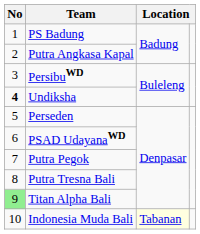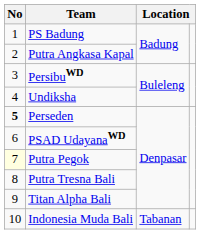 <table class="wikitable">
 <tr>
 <th>No</th>
 <th>Team</th>
 <th colspan=2>Location</th>
 </tr>
 <tr>
 <td align=center>1</td>
 <td><a href='#'>PS Badung</a></td>
 <td rowspan=2><a href='#'>Badung</a></td>
 <td rowspan=2></td>
 </tr>
 <tr>
 <td align=center>2</td>
 <td><a href='#'>Putra Angkasa Kapal</a></td>
 </tr>
 <tr>
 <td align=center>3</td>
 <td><a href='#'>Persibu</a><sup><strong>WD</strong></sup></td>
 <td rowspan=2><a href='#'>Buleleng</a></td>
 <td rowspan=2></td>
 </tr>
 <tr>
-<td align=center><strong>4</strong></td>
+<td align=center>4</td>
 <td><a href='#'>Undiksha</a></td>
 </tr>
 <tr>
-<td align=center>5</td>
+<td align=center><strong>5</strong></td>
 <td><a href='#'>Perseden</a></td>
 <td rowspan=5><a href='#'>Denpasar</a></td>
 <td rowspan=5></td>
 </tr>
 <tr>
 <td align=center>6</td>
 <td><a href='#'>PSAD Udayana</a><sup><strong>WD</strong></sup></td>
 </tr>
 <tr>
-<td align=center>7</td>
+<td align=center style="background: lightyellow;">7</td>
 <td><a href='#'>Putra Pegok</a></td>
 </tr>
 <tr>
 <td align=center>8</td>
 <td><a href='#'>Putra Tresna Bali</a></td>
 </tr>
 <tr>
-<td align=center style="background: lightgreen;">9</td>
+<td align=center>9</td>
 <td><a href='#'>Titan Alpha Bali</a></td>
 </tr>
 <tr>
 <td align=center>10</td>
 <td><a href='#'>Indonesia Muda Bali</a></td>
-<td style="background: lightyellow;"><a href='#'>Tabanan</a></td>
+<td><a href='#'>Tabanan</a></td>
 <td></td>
 </tr>
 </table>
